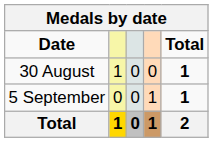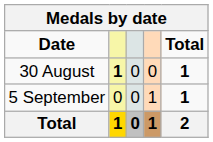 <table class="wikitable" style="font-size:85%">
 <tr bgcolor="#efefef">
 <th colspan=6>Medals by date</th>
 </tr>
 <tr align=center>
 <td><strong>Date</strong></td>
 <td bgcolor=#f7f6a8></td>
 <td bgcolor=#dce5e5></td>
 <td bgcolor=#ffdab9></td>
 <td><strong>Total</strong></td>
 </tr>
 <tr align=center>
 <td>30 August</td>
-<td style="background:#F7F6A8;">1</td>
+<td style="background:#F7F6A8;"><strong>1</strong></td>
 <td style="background:#DCE5E5;">0</td>
 <td style="background:#FFDAB9;">0</td>
 <td><strong>1</strong></td>
 </tr>
 <tr align=center>
 <td>5 September</td>
 <td style="background:#F7F6A8;">0</td>
 <td style="background:#DCE5E5;">0</td>
 <td style="background:#FFDAB9;">1</td>
 <td><strong>1</strong></td>
 </tr>
 <tr align=center>
 <th><strong>Total</strong></th>
 <th style="background:gold;"><strong>1</strong></th>
 <th style="background:silver;"><strong>0</strong></th>
 <th style="background:#c96;"><strong>1</strong></th>
 <th>2</th>
 </tr>
 </table>
